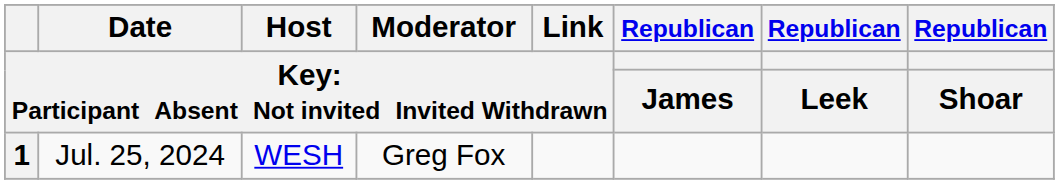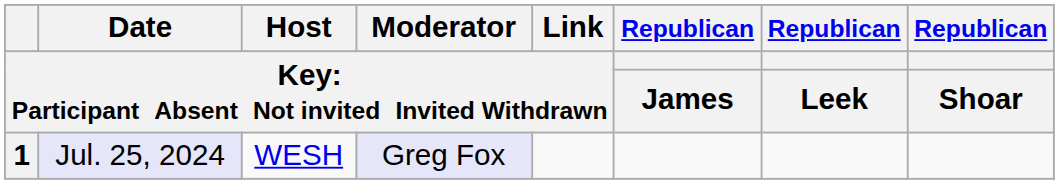 <table class="wikitable" style="text-align:center;">
 <tr>
 <th scope="col"></th>
 <th scope="col">Date</th>
 <th scope="col">Host</th>
 <th scope="col">Moderator</th>
 <th scope="col">Link</th>
 <th scope="col"><small><a href='#'>Republican</a></small></th>
 <th scope="col"><small><a href='#'>Republican</a></small></th>
 <th scope="col"><small><a href='#'>Republican</a></small></th>
 </tr>
 <tr>
 <th colspan="5" rowspan="2">Key:<br> <small>Participant </small>  <small>Absent </small>  <small>Not invited </small>  <small>Invited  Withdrawn</small></th>
 <th scope="col" style="background:"></th>
 <th scope="col" style="background:"></th>
 <th scope="col" style="background:"></th>
 </tr>
 <tr>
 <th scope="col">James</th>
 <th scope="col">Leek</th>
 <th scope="col">Shoar</th>
 </tr>
 <tr>
 <th>1</th>
-<td style="white-space:nowrap;">Jul. 25, 2024</td>
+<td style="background: lavender; white-space:nowrap;">Jul. 25, 2024</td>
 <td style="white-space:nowrap;"><a href='#'>WESH</a></td>
-<td style="white-space:nowrap;">Greg Fox</td>
+<td style="background: lavender; white-space:nowrap;">Greg Fox</td>
 <td style="white-space:nowrap;"></td>
 <td></td>
 <td></td>
 <td></td>
 </tr>
 </table>
